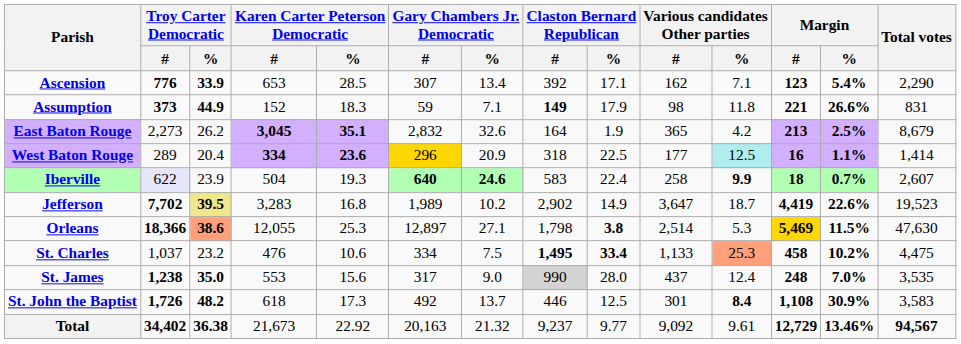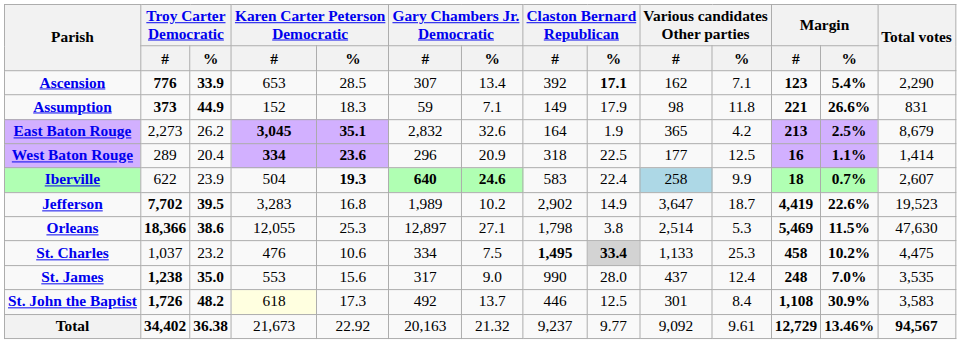 <table class="wikitable sortable">
 <tr>
 <th rowspan="2">Parish</th>
 <th colspan="2"><a href='#'>Troy Carter</a><br><a href='#'>Democratic</a></th>
 <th colspan="2"><a href='#'>Karen Carter Peterson</a><br><a href='#'>Democratic</a></th>
 <th colspan="2"><a href='#'>Gary Chambers Jr.</a><br><a href='#'>Democratic</a></th>
 <th colspan="2"><a href='#'>Claston Bernard</a><br><a href='#'>Republican</a></th>
 <th colspan="2">Various candidates<br>Other parties</th>
 <th colspan="2">Margin</th>
 <th rowspan="2">Total votes</th>
 </tr>
 <tr>
 <th data-sort-type="number" style="text-align:center;">#</th>
 <th data-sort-type="number" style="text-align:center;">%</th>
 <th data-sort-type="number" style="text-align:center;">#</th>
 <th data-sort-type="number" style="text-align:center;">%</th>
 <th data-sort-type="number" style="text-align:center;">#</th>
 <th data-sort-type="number" style="text-align:center;">%</th>
 <th data-sort-type="number" style="text-align:center;">#</th>
 <th data-sort-type="number" style="text-align:center;">%</th>
 <th data-sort-type="number" style="text-align:center;">#</th>
 <th data-sort-type="number" style="text-align:center;">%</th>
 <th data-sort-type="number" style="text-align:center;">#</th>
 <th data-sort-type="number" style="text-align:center;">%</th>
 </tr>
 <tr style="text-align:center;">
 <td><strong><a href='#'>Ascension</a></strong></td>
 <td><strong>776</strong></td>
 <td><strong>33.9</strong></td>
 <td>653</td>
 <td>28.5</td>
 <td>307</td>
 <td>13.4</td>
 <td>392</td>
-<td>17.1</td>
+<td><strong>17.1</strong></td>
 <td>162</td>
 <td>7.1</td>
 <td><strong>123</strong></td>
 <td><strong>5.4%</strong></td>
 <td>2,290</td>
 </tr>
 <tr style="text-align:center;">
 <td><strong><a href='#'>Assumption</a></strong></td>
 <td><strong>373</strong></td>
 <td><strong>44.9</strong></td>
 <td>152</td>
 <td>18.3</td>
 <td>59</td>
 <td>7.1</td>
-<td><strong>149</strong></td>
+<td>149</td>
 <td>17.9</td>
 <td>98</td>
 <td>11.8</td>
 <td><strong>221</strong></td>
 <td><strong>26.6%</strong></td>
 <td>831</td>
 </tr>
 <tr style="text-align:center;">
 <td style="background:#d2b0ff;"><strong><a href='#'>East Baton Rouge</a></strong></td>
 <td>2,273</td>
 <td>26.2</td>
 <td style="background:#d2b0ff;"><strong>3,045</strong></td>
 <td style="background:#d2b0ff;"><strong>35.1</strong></td>
 <td>2,832</td>
 <td>32.6</td>
 <td>164</td>
 <td>1.9</td>
 <td>365</td>
 <td>4.2</td>
 <td style="background:#d2b0ff;"><strong>213</strong></td>
 <td style="background:#d2b0ff;"><strong>2.5%</strong></td>
 <td>8,679</td>
 </tr>
 <tr style="text-align:center;">
 <td style="background:#d2b0ff;"><strong><a href='#'>West Baton Rouge</a></strong></td>
 <td>289</td>
 <td>20.4</td>
 <td style="background:#d2b0ff;"><strong>334</strong></td>
 <td style="background:#d2b0ff;"><strong>23.6</strong></td>
-<td style="background: gold;">296</td>
+<td>296</td>
 <td>20.9</td>
 <td>318</td>
 <td>22.5</td>
 <td>177</td>
-<td style="background: paleturquoise;">12.5</td>
+<td>12.5</td>
 <td style="background:#d2b0ff;"><strong>16</strong></td>
 <td style="background:#d2b0ff;"><strong>1.1%</strong></td>
 <td>1,414</td>
 </tr>
 <tr style="text-align:center;">
 <td style="background:#b0ffb3;"><strong><a href='#'>Iberville</a></strong></td>
-<td style="background: lavender;">622</td>
+<td>622</td>
 <td>23.9</td>
 <td>504</td>
-<td>19.3</td>
+<td><strong>19.3</strong></td>
 <td style="background:#b0ffb3;"><strong>640</strong></td>
 <td style="background:#b0ffb3;"><strong>24.6</strong></td>
 <td>583</td>
 <td>22.4</td>
-<td>258</td>
-<td><strong>9.9</strong></td>
+<td style="background: lightblue;">258</td>
+<td>9.9</td>
 <td style="background:#b0ffb3;"><strong>18</strong></td>
 <td style="background:#b0ffb3;"><strong>0.7%</strong></td>
 <td>2,607</td>
 </tr>
 <tr style="text-align:center;">
 <td><strong><a href='#'>Jefferson</a></strong></td>
 <td><strong>7,702</strong></td>
-<td style="background: khaki;"><strong>39.5</strong></td>
+<td><strong>39.5</strong></td>
 <td>3,283</td>
 <td>16.8</td>
 <td>1,989</td>
 <td>10.2</td>
 <td>2,902</td>
 <td>14.9</td>
 <td>3,647</td>
 <td>18.7</td>
 <td><strong>4,419</strong></td>
 <td><strong>22.6%</strong></td>
 <td>19,523</td>
 </tr>
 <tr style="text-align:center;">
 <td><strong><a href='#'>Orleans</a></strong></td>
 <td><strong>18,366</strong></td>
-<td style="background: lightsalmon;"><strong>38.6</strong></td>
+<td><strong>38.6</strong></td>
 <td>12,055</td>
 <td>25.3</td>
 <td>12,897</td>
 <td>27.1</td>
 <td>1,798</td>
-<td><strong>3.8</strong></td>
+<td>3.8</td>
 <td>2,514</td>
 <td>5.3</td>
-<td style="background: gold;"><strong>5,469</strong></td>
+<td><strong>5,469</strong></td>
 <td><strong>11.5%</strong></td>
 <td>47,630</td>
 </tr>
 <tr style="text-align:center;">
 <td><strong><a href='#'>St. Charles</a></strong></td>
 <td>1,037</td>
 <td>23.2</td>
 <td>476</td>
 <td>10.6</td>
 <td>334</td>
 <td>7.5</td>
 <td><strong>1,495</strong></td>
-<td><strong>33.4</strong></td>
+<td style="background: lightgrey;"><strong>33.4</strong></td>
 <td>1,133</td>
-<td style="background: lightsalmon;">25.3</td>
+<td>25.3</td>
 <td><strong>458</strong></td>
 <td><strong>10.2%</strong></td>
 <td>4,475</td>
 </tr>
 <tr style="text-align:center;">
 <td><strong><a href='#'>St. James</a></strong></td>
 <td><strong>1,238</strong></td>
 <td><strong>35.0</strong></td>
 <td>553</td>
 <td>15.6</td>
 <td>317</td>
 <td>9.0</td>
-<td style="background: lightgrey;">990</td>
+<td>990</td>
 <td>28.0</td>
 <td>437</td>
 <td>12.4</td>
 <td><strong>248</strong></td>
 <td><strong>7.0%</strong></td>
 <td>3,535</td>
 </tr>
 <tr style="text-align:center;">
 <td><strong><a href='#'>St. John the Baptist</a></strong></td>
 <td><strong>1,726</strong></td>
 <td><strong>48.2</strong></td>
-<td>618</td>
+<td style="background: lightyellow;">618</td>
 <td>17.3</td>
 <td>492</td>
 <td>13.7</td>
 <td>446</td>
 <td>12.5</td>
 <td>301</td>
-<td><strong>8.4</strong></td>
+<td>8.4</td>
 <td><strong>1,108</strong></td>
 <td><strong>30.9%</strong></td>
 <td>3,583</td>
 </tr>
 <tr style="text-align:center;">
 <th>Total</th>
 <td><strong>34,402</strong></td>
 <td><strong>36.38</strong></td>
 <td>21,673</td>
 <td>22.92</td>
 <td>20,163</td>
 <td>21.32</td>
 <td>9,237</td>
 <td>9.77</td>
 <td>9,092</td>
 <td>9.61</td>
 <td><strong>12,729</strong></td>
 <td><strong>13.46%</strong></td>
 <td><strong>94,567</strong></td>
 </tr>
 </table>
